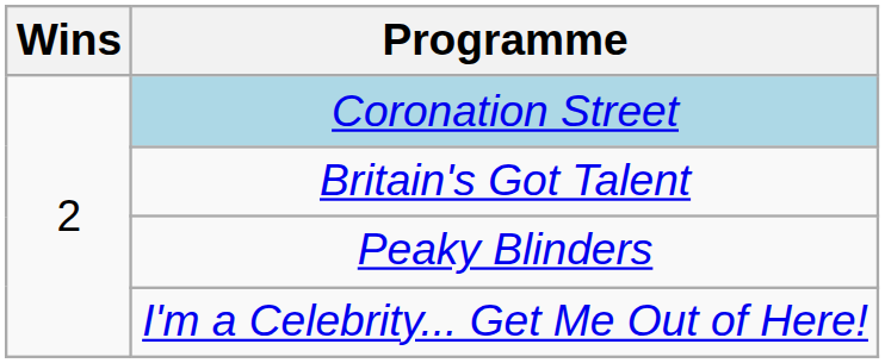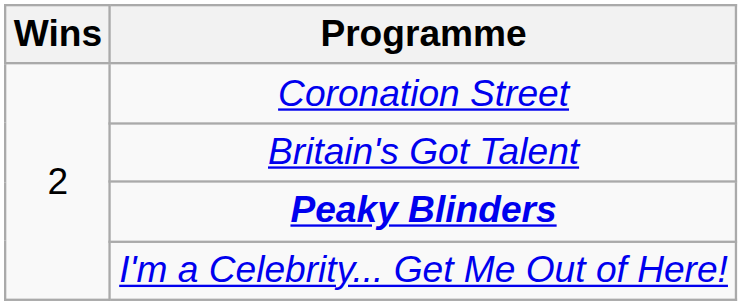 <table class="wikitable" style="text-align:center;">
 <tr>
 <th style="background:BDB76B;">Wins</th>
 <th style="background:BDB76B;">Programme</th>
 </tr>
 <tr>
 <td rowspan="4">2</td>
-<td style="background: lightblue;"><em><a href='#'>Coronation Street</a></em></td>
+<td><em><a href='#'>Coronation Street</a></em></td>
 </tr>
 <tr>
 <td><em><a href='#'>Britain's Got Talent</a></em></td>
 </tr>
 <tr>
-<td><em><a href='#'>Peaky Blinders</a></em></td>
+<td><strong><em><a href='#'>Peaky Blinders</a></em></strong></td>
 </tr>
 <tr>
 <td><em><a href='#'>I'm a Celebrity... Get Me Out of Here!</a></em></td>
 </tr>
 </table>
